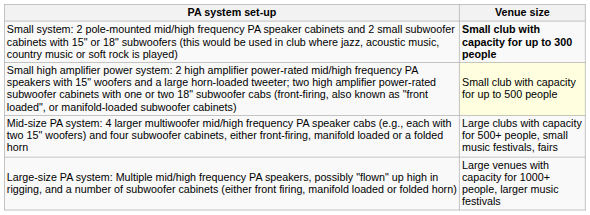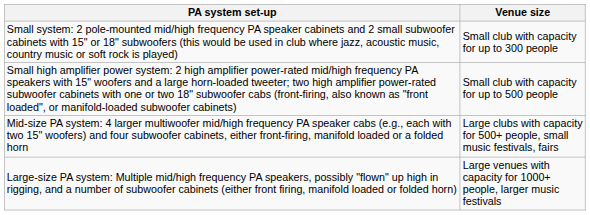 <table class="wikitable">
 <tr>
 <th>PA system set-up</th>
 <th>Venue size</th>
 </tr>
 <tr>
 <td>Small system: 2 pole-mounted mid/high frequency PA speaker cabinets and 2 small subwoofer cabinets with 15" or 18" subwoofers (this would be used in club where jazz, acoustic music, country music or soft rock is played)</td>
-<td><strong>Small club with capacity for up to 300 people</strong></td>
+<td>Small club with capacity for up to 300 people</td>
 </tr>
 <tr>
 <td>Small high amplifier power system: 2 high amplifier power-rated mid/high frequency PA speakers with 15" woofers and a large horn-loaded tweeter; two high amplifier power-rated subwoofer cabinets with one or two 18" subwoofer cabs (front-firing, also known as "front loaded", or manifold-loaded subwoofer cabinets)</td>
-<td style="background: lightyellow;">Small club with capacity for up to 500 people</td>
+<td>Small club with capacity for up to 500 people</td>
 </tr>
 <tr>
 <td>Mid-size PA system: 4 larger multiwoofer mid/high frequency PA speaker cabs (e.g., each with two 15" woofers) and four subwoofer cabinets, either front-firing, manifold loaded or a folded horn</td>
 <td>Large clubs with capacity for 500+ people, small music festivals, fairs</td>
 </tr>
 <tr>
 <td>Large-size PA system: Multiple mid/high frequency PA speakers, possibly "flown" up high in rigging, and a number of subwoofer cabinets (either front firing, manifold loaded or folded horn)</td>
 <td>Large venues with capacity for 1000+ people, larger music festivals</td>
 </tr>
 </table>
